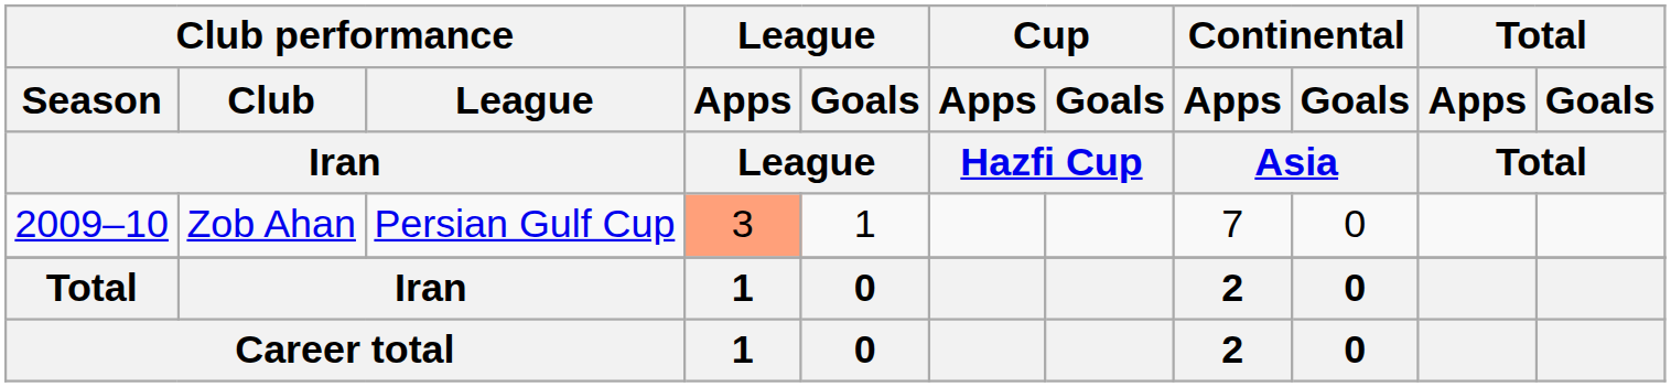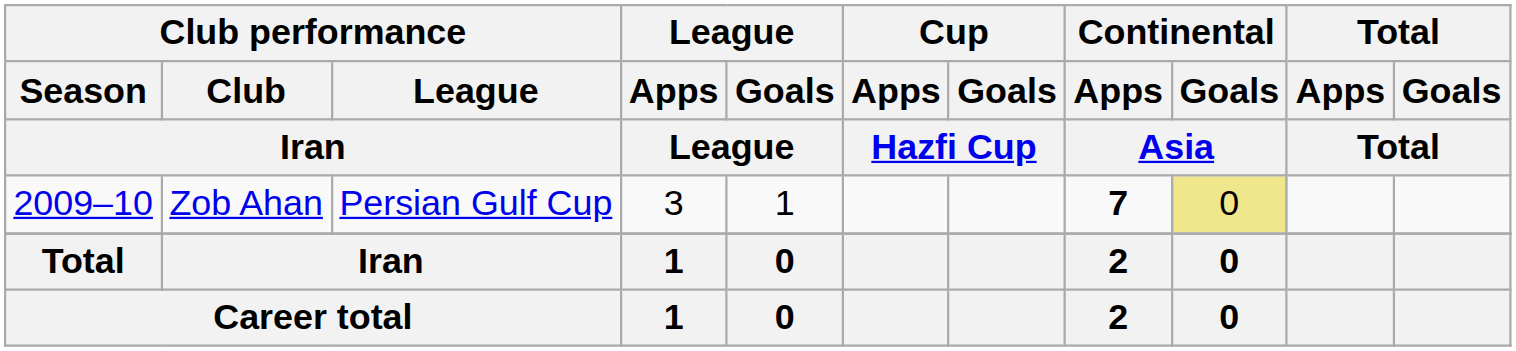 <table class="wikitable" style="text-align:center">
 <tr>
 <th colspan=3>Club performance</th>
 <th colspan=2>League</th>
 <th colspan=2>Cup</th>
 <th colspan=2>Continental</th>
 <th colspan=2>Total</th>
 </tr>
 <tr>
 <th>Season</th>
 <th>Club</th>
 <th>League</th>
 <th>Apps</th>
 <th>Goals</th>
 <th>Apps</th>
 <th>Goals</th>
 <th>Apps</th>
 <th>Goals</th>
 <th>Apps</th>
 <th>Goals</th>
 </tr>
 <tr>
 <th colspan=3>Iran</th>
 <th colspan=2>League</th>
 <th colspan=2><a href='#'>Hazfi Cup</a></th>
 <th colspan=2><a href='#'>Asia</a></th>
 <th colspan=2>Total</th>
 </tr>
 <tr>
 <td><a href='#'>2009–10</a></td>
 <td rowspan="1"><a href='#'>Zob Ahan</a></td>
 <td rowspan="1"><a href='#'>Persian Gulf Cup</a></td>
-<td style="background: lightsalmon;">3</td>
+<td>3</td>
 <td>1</td>
 <td></td>
 <td></td>
-<td>7</td>
-<td>0</td>
+<td><strong>7</strong></td>
+<td style="background: khaki;">0</td>
 <td></td>
 <td></td>
 </tr>
 <tr>
 </tr>
 <tr>
 <th rowspan=1>Total</th>
 <th colspan=2>Iran</th>
 <th>1</th>
 <th>0</th>
 <th></th>
 <th></th>
 <th>2</th>
 <th>0</th>
 <th></th>
 <th></th>
 </tr>
 <tr>
 <th colspan=3>Career total</th>
 <th>1</th>
 <th>0</th>
 <th></th>
 <th></th>
 <th>2</th>
 <th>0</th>
 <th></th>
 <th></th>
 </tr>
 </table>
